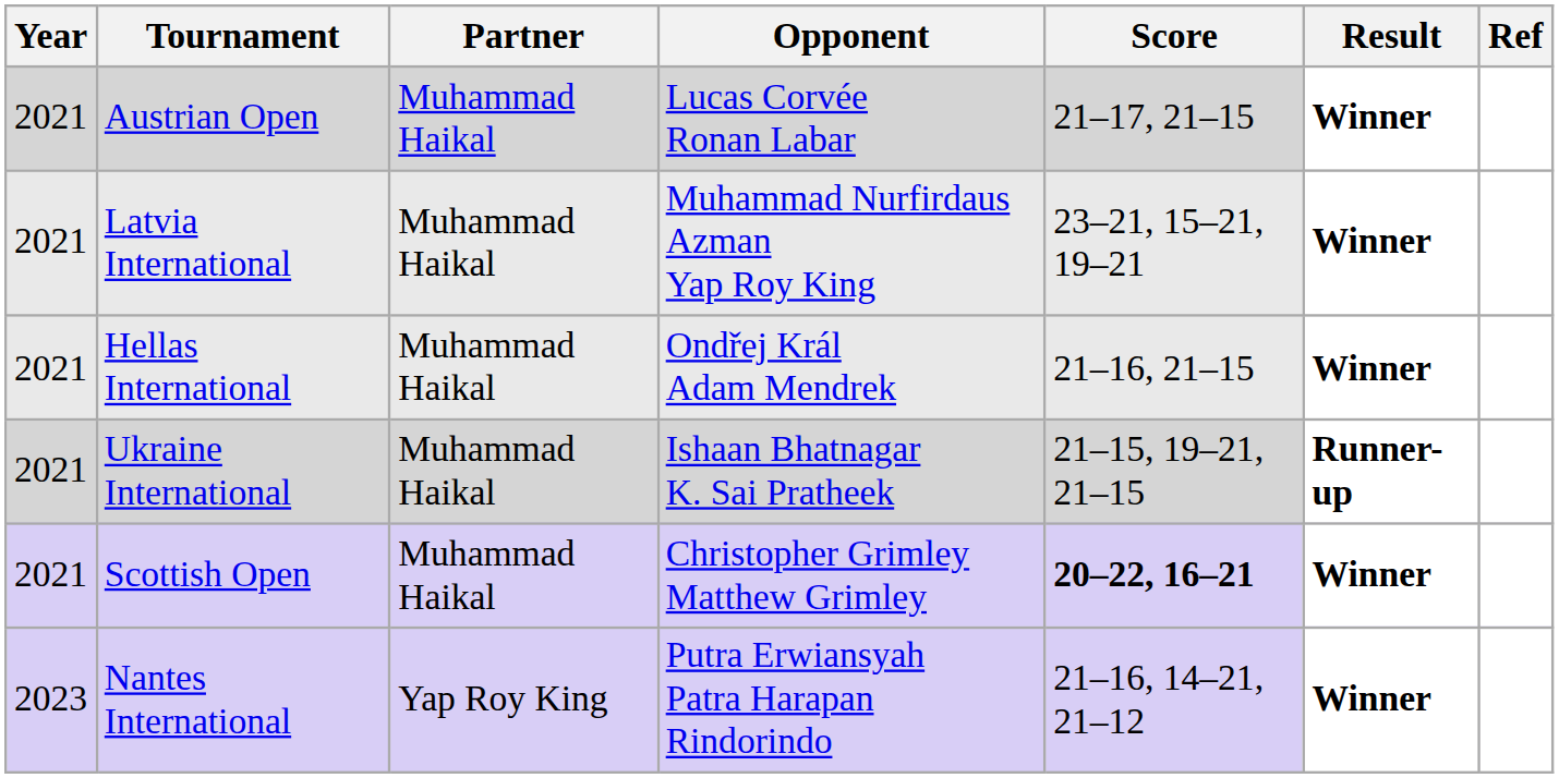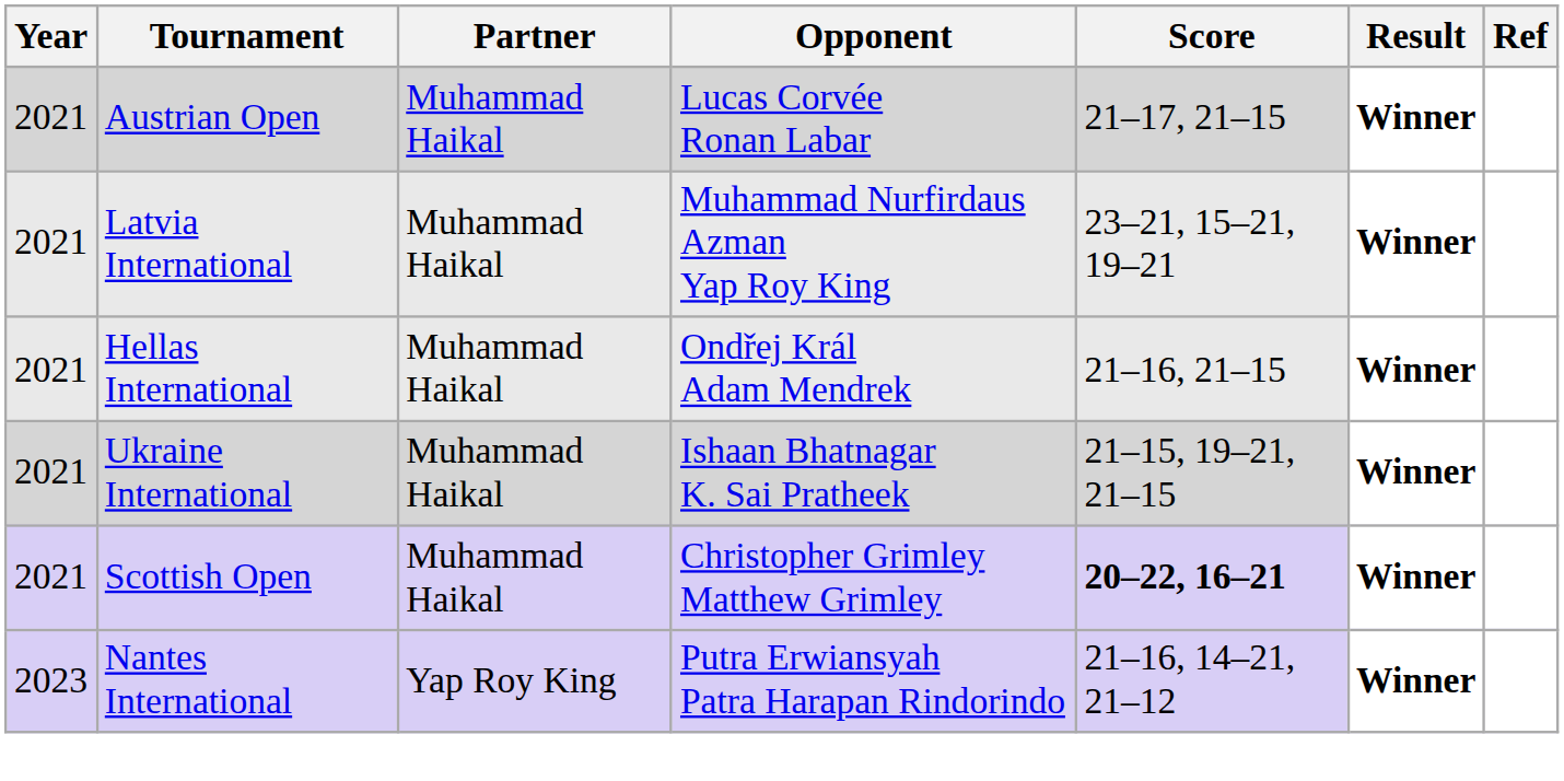 <table class="sortable wikitable" style="font-size: 90%;">
 <tr>
 <th>Year</th>
 <th>Tournament</th>
 <th>Partner</th>
 <th>Opponent</th>
 <th>Score</th>
 <th>Result</th>
 <th>Ref</th>
 </tr>
 <tr style="background:#D5D5D5">
 <td align="center">2021</td>
 <td align="left"><a href='#'>Austrian Open</a></td>
 <td align="left"> <a href='#'>Muhammad Haikal</a></td>
 <td align="left"> <a href='#'>Lucas Corvée</a><br> <a href='#'>Ronan Labar</a></td>
 <td align="left">21–17, 21–15</td>
 <td style="text-align:left; background:white"> <strong>Winner</strong></td>
 <td style="text-align:center; background:white"></td>
 </tr>
 <tr style="background:#E9E9E9">
 <td align="center">2021</td>
 <td align="left"><a href='#'>Latvia International</a></td>
 <td align="left"> Muhammad Haikal</td>
 <td align="left"> <a href='#'>Muhammad Nurfirdaus Azman</a><br> <a href='#'>Yap Roy King</a></td>
 <td align="left">23–21, 15–21, 19–21</td>
 <td style="text-align:left; background:white"> <strong>Winner</strong></td>
 <td style="text-align:center; background:white"></td>
 </tr>
 <tr style="background:#E9E9E9">
 <td align="center">2021</td>
 <td align="left"><a href='#'>Hellas International</a></td>
 <td align="left"> Muhammad Haikal</td>
 <td align="left"> <a href='#'>Ondřej Král</a><br> <a href='#'>Adam Mendrek</a></td>
 <td align="left">21–16, 21–15</td>
 <td style="text-align:left; background:white"> <strong>Winner</strong></td>
 <td style="text-align:center; background:white"></td>
 </tr>
 <tr style="background:#D5D5D5">
 <td align="center">2021</td>
 <td align="left"><a href='#'>Ukraine International</a></td>
 <td align="left"> Muhammad Haikal</td>
 <td align="left"> <a href='#'>Ishaan Bhatnagar</a><br> <a href='#'>K. Sai Pratheek</a></td>
 <td align="left">21–15, 19–21, 21–15</td>
-<td style="text-align:left; background:white"> <strong>Runner-up</strong></td>
+<td style="text-align:left; background:white"> <strong>Winner</strong></td>
 <td style="text-align:center; background:white"></td>
 </tr>
 <tr style="background:#D8CEF6">
 <td align="center">2021</td>
 <td align="left"><a href='#'>Scottish Open</a></td>
 <td align="left"> Muhammad Haikal</td>
 <td align="left"> <a href='#'>Christopher Grimley</a><br> <a href='#'>Matthew Grimley</a></td>
 <td align="left"><strong>20–22, 16–21</strong></td>
 <td style="text-align:left; background:white"> <strong>Winner</strong></td>
 <td style="text-align:center; background:white"></td>
 </tr>
 <tr style="background:#D8CEF6">
 <td align="center">2023</td>
 <td align="left"><a href='#'>Nantes International</a></td>
 <td align="left"> Yap Roy King</td>
 <td align="left"> <a href='#'>Putra Erwiansyah</a><br> <a href='#'>Patra Harapan Rindorindo</a></td>
 <td align="left">21–16, 14–21, 21–12</td>
 <td style="text-align:left; background:white"> <strong>Winner</strong></td>
 <td style="text-align:center; background:white"></td>
 </tr>
 </table>
